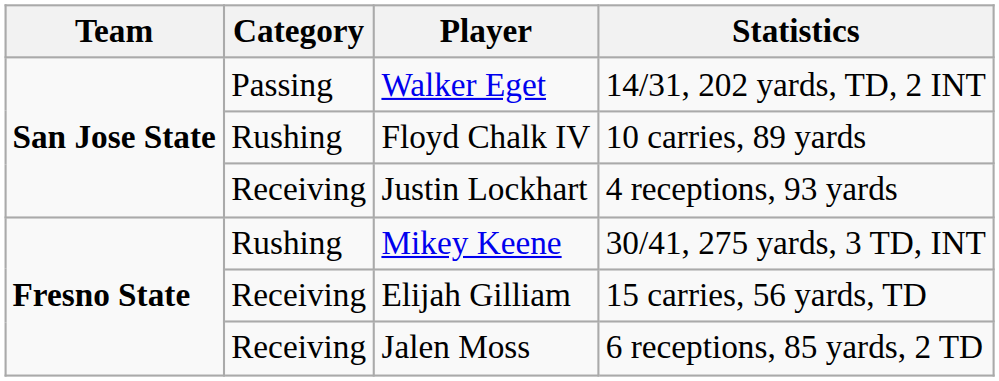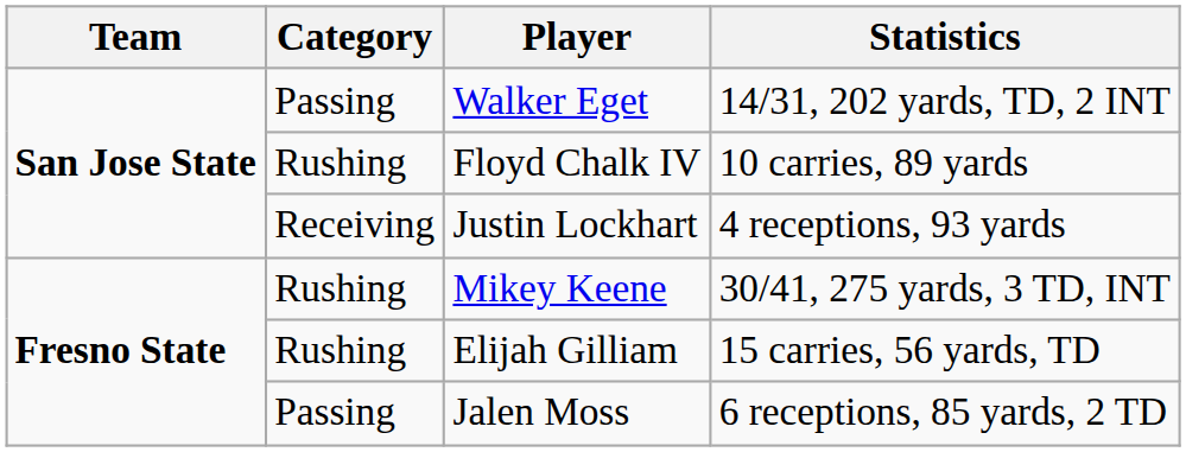 <table class="wikitable" style="float: right;">
 <tr>
 <th>Team</th>
 <th>Category</th>
 <th>Player</th>
 <th>Statistics</th>
 </tr>
 <tr>
 <td rowspan=3><strong>San Jose State</strong></td>
 <td>Passing</td>
 <td><a href='#'>Walker Eget</a></td>
 <td>14/31, 202 yards, TD, 2 INT</td>
 </tr>
 <tr>
 <td>Rushing</td>
 <td>Floyd Chalk IV</td>
 <td>10 carries, 89 yards</td>
 </tr>
 <tr>
 <td>Receiving</td>
 <td>Justin Lockhart</td>
 <td>4 receptions, 93 yards</td>
 </tr>
 <tr>
 <td rowspan=3><strong>Fresno State</strong></td>
 <td>Rushing</td>
 <td><a href='#'>Mikey Keene</a></td>
 <td>30/41, 275 yards, 3 TD, INT</td>
 </tr>
 <tr>
-<td>Receiving</td>
+<td>Rushing</td>
 <td>Elijah Gilliam</td>
 <td>15 carries, 56 yards, TD</td>
 </tr>
 <tr>
-<td>Receiving</td>
+<td>Passing</td>
 <td>Jalen Moss</td>
 <td>6 receptions, 85 yards, 2 TD</td>
 </tr>
 </table>
